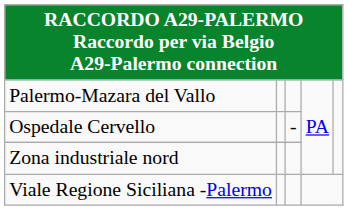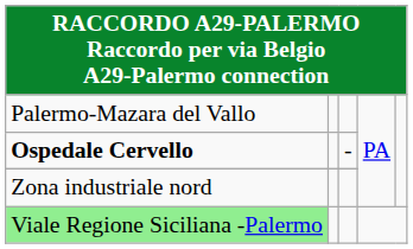 <table class="wikitable" border="1">
 <tr align="center" bgcolor="08842C" style="color: white;font-size:100%;">
 <td colspan="6"><strong> RACCORDO A29-PALERMO<br>Raccordo per via Belgio<br>A29-Palermo connection</strong></td>
 </tr>
 <tr>
 <td>   Palermo-Mazara del Vallo</td>
 <td align="right"></td>
 <td align="right"></td>
 <td align="center" rowspan=4><a href='#'>PA</a></td>
 <td align="center" rowspan=4></td>
 </tr>
 <tr>
-<td>  Ospedale Cervello</td>
+<td><strong>  Ospedale Cervello</strong></td>
 <td align="right"></td>
 <td align="right">-</td>
 </tr>
 <tr>
 </tr>
 <tr>
 <td>  Zona industriale nord</td>
 <td align="right"></td>
 <td align="right"></td>
 </tr>
 <tr>
-<td>   Viale Regione Siciliana -<a href='#'>Palermo</a></td>
+<td style="background: lightgreen;">   Viale Regione Siciliana -<a href='#'>Palermo</a></td>
 <td align="right"></td>
 <td align="right"></td>
 </tr>
 </table>
